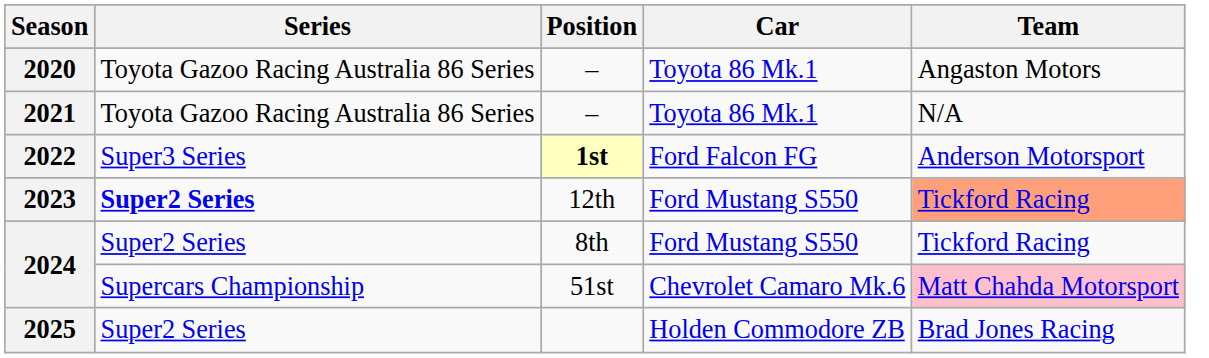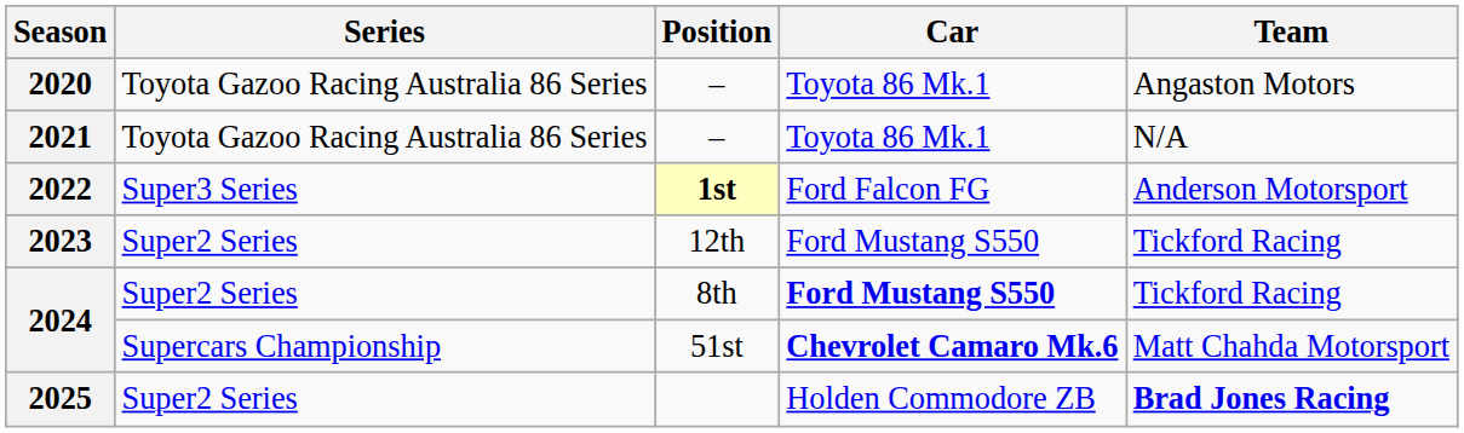 <table class="wikitable" style="font-size: 95%;">
 <tr>
 <th>Season</th>
 <th>Series</th>
 <th>Position</th>
 <th>Car</th>
 <th>Team</th>
 </tr>
 <tr>
 <th>2020</th>
 <td nowrap>Toyota Gazoo Racing Australia 86 Series</td>
 <td align="center">–</td>
 <td nowrap><a href='#'>Toyota 86 Mk.1</a></td>
 <td nowrap>Angaston Motors</td>
 </tr>
 <tr>
 <th>2021</th>
 <td nowrap>Toyota Gazoo Racing Australia 86 Series</td>
 <td align="center">–</td>
 <td nowrap><a href='#'>Toyota 86 Mk.1</a></td>
 <td nowrap>N/A</td>
 </tr>
 <tr>
 <th>2022</th>
 <td nowrap><a href='#'>Super3 Series</a></td>
 <td style="background: #ffffbf" align="center"><strong>1st</strong></td>
 <td nowrap><a href='#'>Ford Falcon FG</a></td>
 <td nowrap><a href='#'>Anderson Motorsport</a></td>
 </tr>
 <tr>
 <th>2023</th>
-<td nowrap><strong><a href='#'>Super2 Series</a></strong></td>
+<td nowrap><a href='#'>Super2 Series</a></td>
 <td align="center">12th</td>
 <td nowrap><a href='#'>Ford Mustang S550</a></td>
-<td nowrap style="background: lightsalmon;"><a href='#'>Tickford Racing</a></td>
+<td nowrap><a href='#'>Tickford Racing</a></td>
 </tr>
 <tr>
 <th rowspan=2>2024</th>
 <td nowrap><a href='#'>Super2 Series</a></td>
 <td align="center">8th</td>
-<td nowrap><a href='#'>Ford Mustang S550</a></td>
+<td nowrap><strong><a href='#'>Ford Mustang S550</a></strong></td>
 <td nowrap><a href='#'>Tickford Racing</a></td>
 </tr>
 <tr>
 <td nowrap><a href='#'>Supercars Championship</a></td>
 <td align="center">51st</td>
-<td nowrap><a href='#'>Chevrolet Camaro Mk.6</a></td>
-<td nowrap style="background: pink;"><a href='#'>Matt Chahda Motorsport</a></td>
+<td nowrap><strong><a href='#'>Chevrolet Camaro Mk.6</a></strong></td>
+<td nowrap><a href='#'>Matt Chahda Motorsport</a></td>
 </tr>
 <tr>
 <th>2025</th>
 <td><a href='#'>Super2 Series</a></td>
 <td></td>
 <td><a href='#'>Holden Commodore ZB</a></td>
-<td><a href='#'>Brad Jones Racing</a></td>
+<td><strong><a href='#'>Brad Jones Racing</a></strong></td>
 </tr>
 </table>
